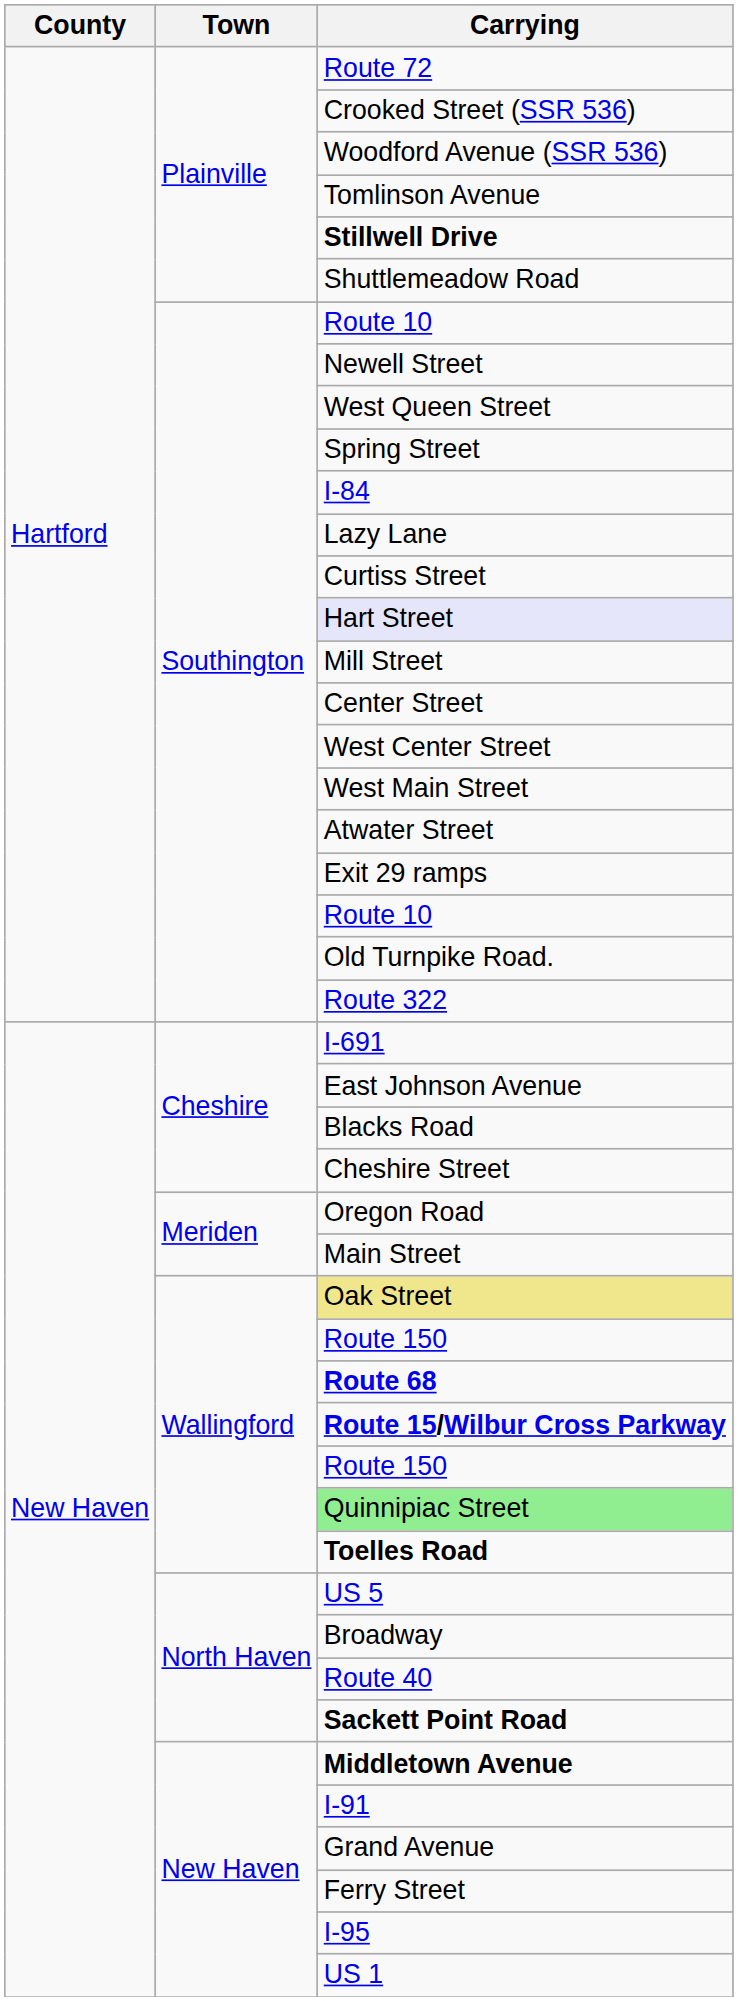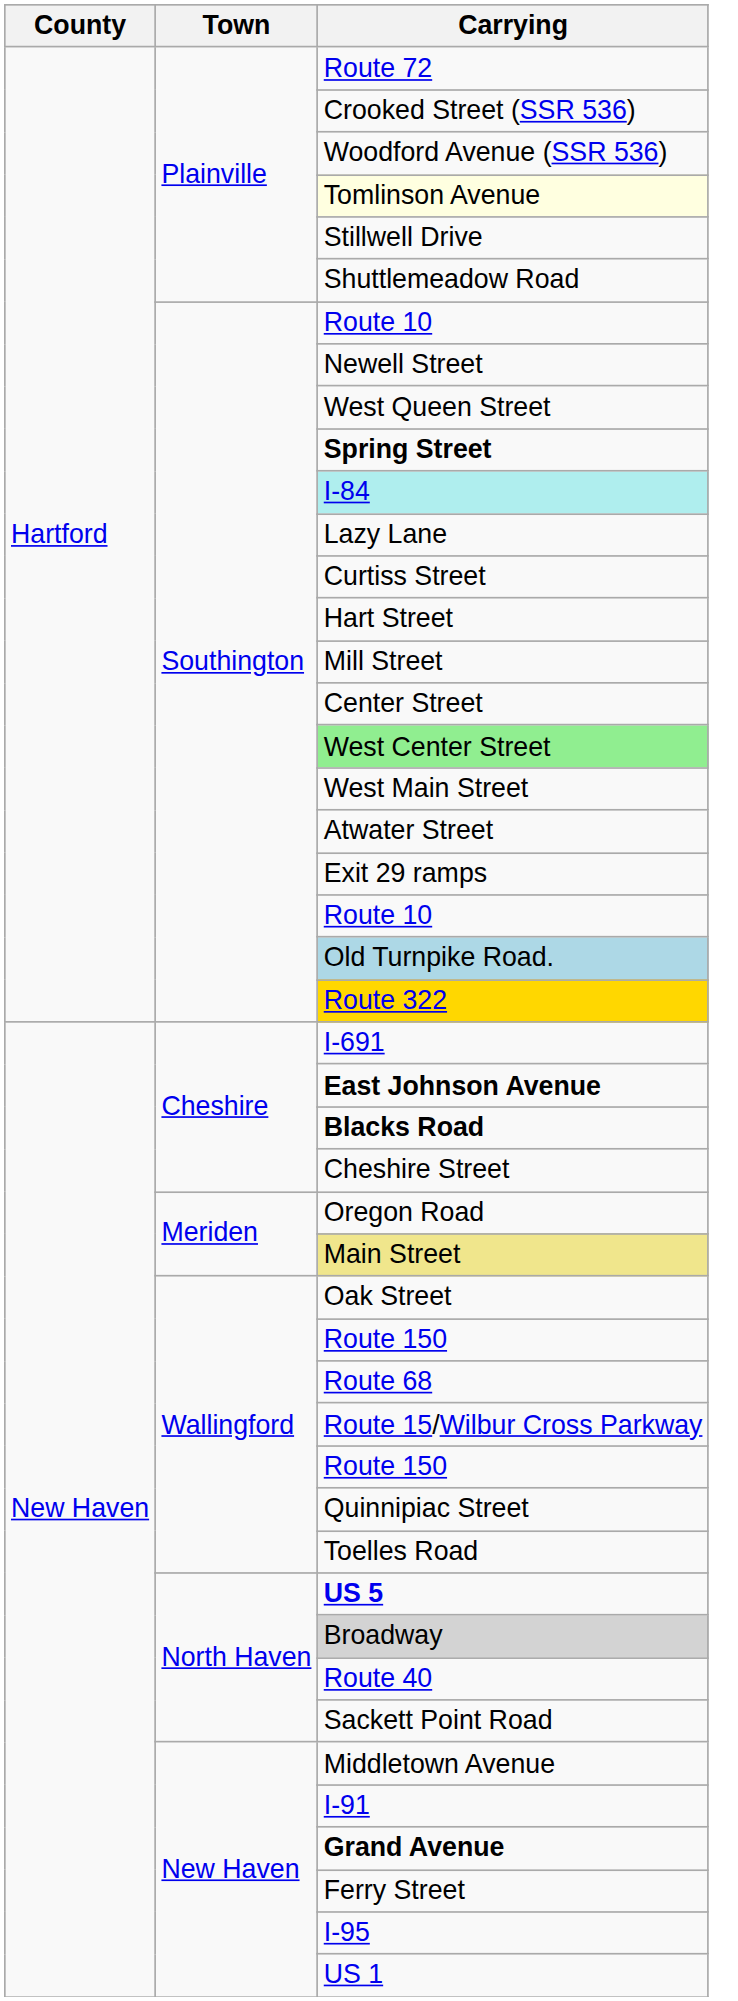 <table class="wikitable">
 <tr>
 <th>County</th>
 <th>Town</th>
 <th>Carrying</th>
 </tr>
 <tr>
 <td rowspan="23"><a href='#'>Hartford</a></td>
 <td rowspan="6"><a href='#'>Plainville</a></td>
 <td> <a href='#'>Route 72</a></td>
 </tr>
 <tr>
 <td>Crooked Street (<a href='#'>SSR 536</a>)</td>
 </tr>
 <tr>
 <td>Woodford Avenue (<a href='#'>SSR 536</a>)</td>
 </tr>
 <tr>
-<td>Tomlinson Avenue</td>
+<td style="background: lightyellow;">Tomlinson Avenue</td>
 </tr>
 <tr>
-<td><strong>Stillwell Drive</strong></td>
+<td>Stillwell Drive</td>
 </tr>
 <tr>
 <td>Shuttlemeadow Road</td>
 </tr>
 <tr>
 <td rowspan="17"><a href='#'>Southington</a></td>
 <td><a href='#'>Route 10</a></td>
 </tr>
 <tr>
 <td>Newell Street</td>
 </tr>
 <tr>
 <td>West Queen Street</td>
 </tr>
 <tr>
-<td>Spring Street</td>
+<td><strong>Spring Street</strong></td>
 </tr>
 <tr>
-<td> <a href='#'>I-84</a></td>
+<td style="background: paleturquoise;"> <a href='#'>I-84</a></td>
 </tr>
 <tr>
 <td>Lazy Lane</td>
 </tr>
 <tr>
 <td>Curtiss Street</td>
 </tr>
 <tr>
-<td style="background: lavender;">Hart Street</td>
+<td>Hart Street</td>
 </tr>
 <tr>
 <td>Mill Street</td>
 </tr>
 <tr>
 <td>Center Street</td>
 </tr>
 <tr>
-<td>West Center Street</td>
+<td style="background: lightgreen;">West Center Street</td>
 </tr>
 <tr>
 <td>West Main Street</td>
 </tr>
 <tr>
 <td>Atwater Street</td>
 </tr>
 <tr>
 <td> Exit 29 ramps</td>
 </tr>
 <tr>
 <td><a href='#'>Route 10</a></td>
 </tr>
 <tr>
-<td>Old Turnpike Road.</td>
+<td style="background: lightblue;">Old Turnpike Road.</td>
 </tr>
 <tr>
-<td> <a href='#'>Route 322</a></td>
+<td style="background: gold;"> <a href='#'>Route 322</a></td>
 </tr>
 <tr>
 <td rowspan="23"><a href='#'>New Haven</a></td>
 <td rowspan="4"><a href='#'>Cheshire</a></td>
 <td> <a href='#'>I-691</a></td>
 </tr>
 <tr>
-<td>East Johnson Avenue</td>
+<td><strong>East Johnson Avenue</strong></td>
 </tr>
 <tr>
-<td>Blacks Road</td>
+<td><strong>Blacks Road</strong></td>
 </tr>
 <tr>
 <td>Cheshire Street</td>
 </tr>
 <tr>
 <td rowspan="2"><a href='#'>Meriden</a></td>
 <td>Oregon Road</td>
 </tr>
 <tr>
-<td>Main Street</td>
+<td style="background: khaki;">Main Street</td>
 </tr>
 <tr>
 <td rowspan="7"><a href='#'>Wallingford</a></td>
-<td style="background: khaki;">Oak Street</td>
+<td>Oak Street</td>
 </tr>
 <tr>
 <td> <a href='#'>Route 150</a></td>
 </tr>
 <tr>
-<td><strong> <a href='#'>Route 68</a></strong></td>
+<td> <a href='#'>Route 68</a></td>
 </tr>
 <tr>
-<td><strong> <a href='#'>Route 15</a>/<a href='#'>Wilbur Cross Parkway</a></strong></td>
+<td> <a href='#'>Route 15</a>/<a href='#'>Wilbur Cross Parkway</a></td>
 </tr>
 <tr>
 <td> <a href='#'>Route 150</a></td>
 </tr>
 <tr>
-<td style="background: lightgreen;">Quinnipiac Street</td>
+<td>Quinnipiac Street</td>
 </tr>
 <tr>
-<td><strong>Toelles Road</strong></td>
+<td>Toelles Road</td>
 </tr>
 <tr>
 <td rowspan="4"><a href='#'>North Haven</a></td>
-<td> <a href='#'>US 5</a></td>
+<td><strong> <a href='#'>US 5</a></strong></td>
 </tr>
 <tr>
-<td>Broadway</td>
+<td style="background: lightgrey;">Broadway</td>
 </tr>
 <tr>
 <td> <a href='#'>Route 40</a></td>
 </tr>
 <tr>
-<td><strong>Sackett Point Road</strong></td>
+<td>Sackett Point Road</td>
 </tr>
 <tr>
 <td rowspan="6"><a href='#'>New Haven</a></td>
-<td><strong>Middletown Avenue</strong></td>
+<td>Middletown Avenue</td>
 </tr>
 <tr>
 <td> <a href='#'>I-91</a></td>
 </tr>
 <tr>
-<td>Grand Avenue</td>
+<td><strong>Grand Avenue</strong></td>
 </tr>
 <tr>
 <td>Ferry Street</td>
 </tr>
 <tr>
 <td> <a href='#'>I-95</a></td>
 </tr>
 <tr>
 <td> <a href='#'>US 1</a></td>
 </tr>
 </table>
